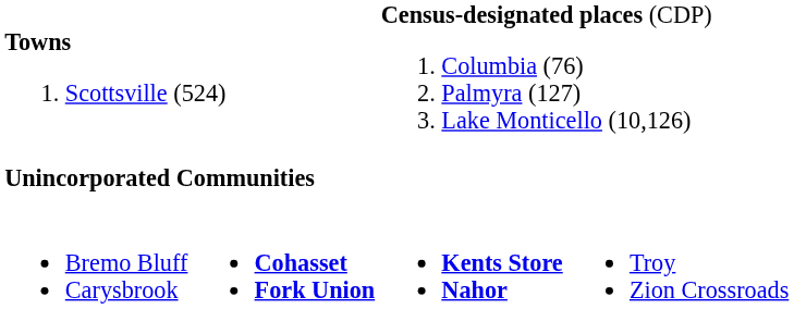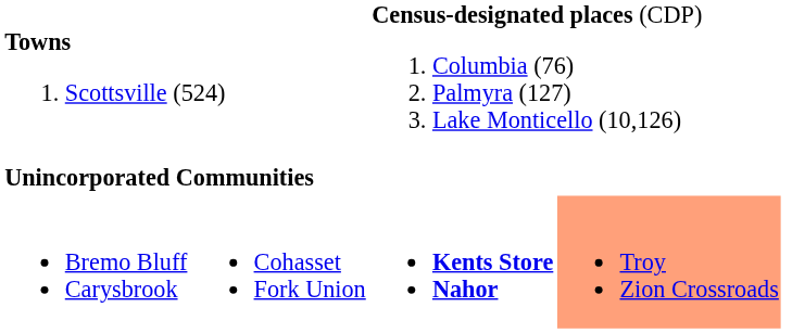 <table class="toptextcells">
 <tr>
 <td colspan="2"><strong>Towns</strong><br><ol><li><a href='#'>Scottsville</a> (524)</li></ol></td>
 <td colspan="2"><strong>Census-designated places</strong> (CDP)<br><ol><li><a href='#'>Columbia</a> (76)</li><li><a href='#'>Palmyra</a> (127)</li><li><a href='#'>Lake Monticello</a> (10,126)</li></ol></td>
 <td></td>
 </tr>
 <tr>
 <td colspan="4"><strong>Unincorporated Communities</strong></td>
 <td></td>
 </tr>
 <tr valign="top">
 <td><br><ul><li><a href='#'>Bremo Bluff</a></li><li><a href='#'>Carysbrook</a></li></ul></td>
-<td><strong><br><ul><li><a href='#'>Cohasset</a></li><li><a href='#'>Fork Union</a></li></ul></strong></td>
+<td><br><ul><li><a href='#'>Cohasset</a></li><li><a href='#'>Fork Union</a></li></ul></td>
 <td><strong><br><ul><li><a href='#'>Kents Store</a></li><li><a href='#'>Nahor</a></li></ul></strong></td>
-<td><br><ul><li><a href='#'>Troy</a></li><li><a href='#'>Zion Crossroads</a></li></ul></td>
+<td style="background: lightsalmon;"><br><ul><li><a href='#'>Troy</a></li><li><a href='#'>Zion Crossroads</a></li></ul></td>
 <td></td>
 </tr>
 </table>
